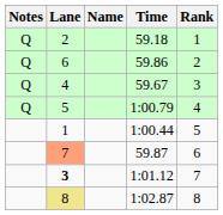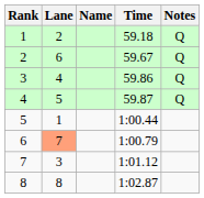 <table class="wikitable sortable" style="text-align:center">
 <tr>
-<th>Notes</th>
+<th>Rank</th>
 <th>Lane</th>
 <th>Name</th>
 <th>Time</th>
-<th>Rank</th>
+<th>Notes</th>
 </tr>
 <tr bgcolor=ccffcc>
-<td>Q</td>
+<td>1</td>
 <td>2</td>
 <td align=left></td>
 <td>59.18</td>
-<td>1</td>
+<td>Q</td>
 </tr>
 <tr bgcolor=ccffcc>
-<td>Q</td>
+<td>2</td>
 <td>6</td>
 <td align=left></td>
-<td>59.86</td>
-<td>2</td>
+<td>59.67</td>
+<td>Q</td>
 </tr>
 <tr bgcolor=ccffcc>
-<td>Q</td>
+<td>3</td>
 <td>4</td>
 <td align=left></td>
-<td>59.67</td>
-<td>3</td>
+<td>59.86</td>
+<td>Q</td>
 </tr>
 <tr bgcolor=ccffcc>
-<td>Q</td>
+<td>4</td>
 <td>5</td>
 <td align=left></td>
-<td>1:00.79</td>
-<td>4</td>
+<td>59.87</td>
+<td>Q</td>
 </tr>
 <tr>
-<td></td>
+<td>5</td>
 <td>1</td>
 <td align=left></td>
 <td>1:00.44</td>
-<td>5</td>
+<td></td>
 </tr>
 <tr>
-<td></td>
+<td>6</td>
 <td style="background: lightsalmon;">7</td>
 <td align=left></td>
-<td>59.87</td>
-<td>6</td>
+<td>1:00.79</td>
+<td></td>
 </tr>
 <tr>
-<td></td>
-<td><strong>3</strong></td>
+<td>7</td>
+<td>3</td>
 <td align=left></td>
 <td>1:01.12</td>
-<td>7</td>
+<td></td>
 </tr>
 <tr>
-<td></td>
-<td style="background: khaki;">8</td>
+<td>8</td>
+<td>8</td>
 <td align=left></td>
 <td>1:02.87</td>
-<td>8</td>
+<td></td>
 </tr>
 </table>
